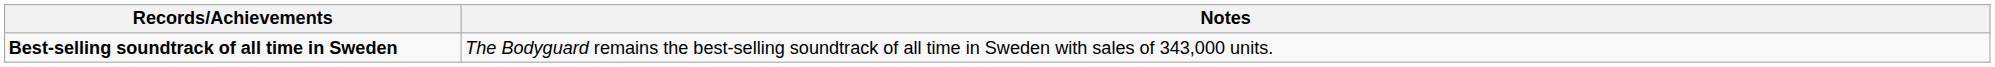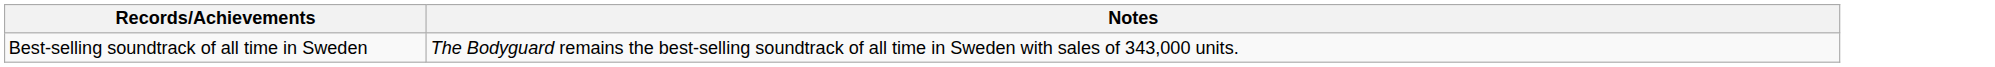 <table class="wikitable sortable plainrowheaders">
 <tr>
 <th scope="col" width=20%>Records/Achievements</th>
 <th scope="col" width=67%>Notes</th>
 </tr>
 <tr>
-<td><strong>Best-selling soundtrack of all time in Sweden</strong></td>
+<td>Best-selling soundtrack of all time in Sweden</td>
 <td><em>The Bodyguard</em> remains the best-selling soundtrack of all time in Sweden with sales of 343,000 units.</td>
 </tr>
 </table>
